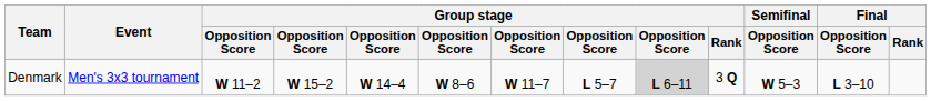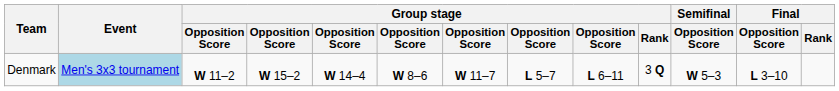 <table class="wikitable" style="font-size:90%">
 <tr>
 <th rowspan="2">Team</th>
 <th rowspan="2">Event</th>
 <th colspan="8">Group stage</th>
 <th>Semifinal</th>
 <th colspan="2">Final</th>
 </tr>
 <tr style="font-size:95%">
 <th>Opposition<br>Score</th>
 <th>Opposition<br>Score</th>
 <th>Opposition<br>Score</th>
 <th>Opposition<br>Score</th>
 <th>Opposition<br>Score</th>
 <th>Opposition<br>Score</th>
 <th>Opposition<br>Score</th>
 <th>Rank</th>
 <th>Opposition<br>Score</th>
 <th>Opposition<br>Score</th>
 <th>Rank</th>
 </tr>
 <tr align="center">
 <td align="left">Denmark</td>
-<td align="left"><a href='#'>Men's 3x3 tournament</a></td>
+<td align="left" style="background: lightblue;"><a href='#'>Men's 3x3 tournament</a></td>
 <td><br><strong>W</strong> 11–2</td>
 <td><br><strong>W</strong> 15–2</td>
 <td><br><strong>W</strong> 14–4</td>
 <td><br><strong>W</strong> 8–6</td>
 <td><br><strong>W</strong> 11–7</td>
 <td><br><strong>L</strong> 5–7</td>
-<td style="background: lightgrey;"><br><strong>L</strong> 6–11</td>
+<td><br><strong>L</strong> 6–11</td>
 <td>3 <strong>Q</strong></td>
 <td><br><strong>W</strong> 5–3</td>
 <td><br><strong>L</strong> 3–10</td>
 <td></td>
 </tr>
 </table>
